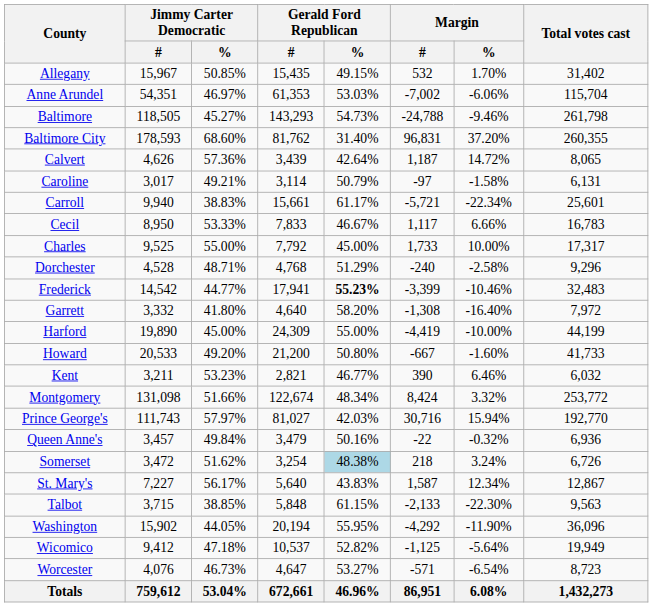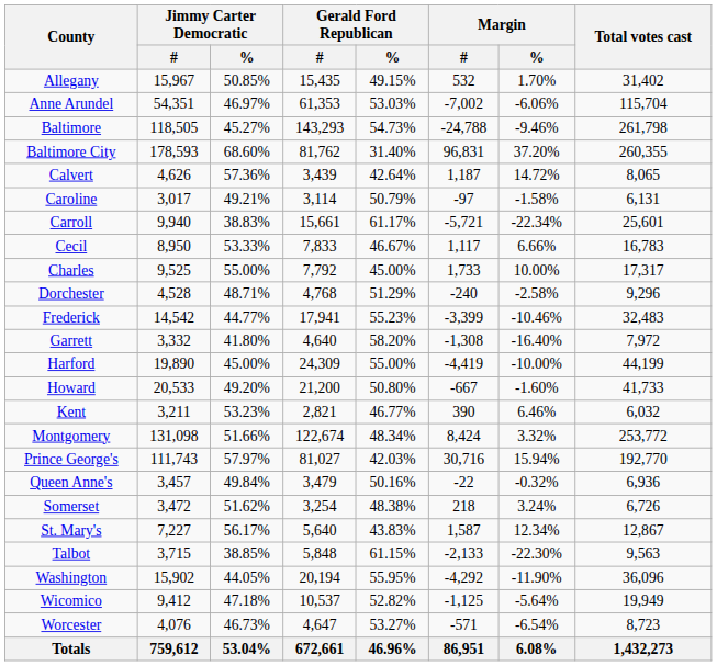 <table width="60%"  class="wikitable sortable" style="text-align:center">
 <tr>
 <th style="text-align:center;" rowspan="2">County</th>
 <th style="text-align:center;" colspan="2">Jimmy Carter<br>Democratic</th>
 <th style="text-align:center;" colspan="2">Gerald Ford<br>Republican</th>
 <th style="text-align:center;" colspan="2">Margin</th>
 <th style="text-align:center;" rowspan="2">Total votes cast</th>
 </tr>
 <tr>
 <th style="text-align:center;" data-sort-type="number">#</th>
 <th style="text-align:center;" data-sort-type="number">%</th>
 <th style="text-align:center;" data-sort-type="number">#</th>
 <th style="text-align:center;" data-sort-type="number">%</th>
 <th style="text-align:center;" data-sort-type="number">#</th>
 <th style="text-align:center;" data-sort-type="number">%</th>
 </tr>
 <tr style="text-align:center;">
 <td><a href='#'>Allegany</a></td>
 <td>15,967</td>
 <td>50.85%</td>
 <td>15,435</td>
 <td>49.15%</td>
 <td>532</td>
 <td>1.70%</td>
 <td>31,402</td>
 </tr>
 <tr style="text-align:center;">
 <td><a href='#'>Anne Arundel</a></td>
 <td>54,351</td>
 <td>46.97%</td>
 <td>61,353</td>
 <td>53.03%</td>
 <td>-7,002</td>
 <td>-6.06%</td>
 <td>115,704</td>
 </tr>
 <tr style="text-align:center;">
 <td><a href='#'>Baltimore</a></td>
 <td>118,505</td>
 <td>45.27%</td>
 <td>143,293</td>
 <td>54.73%</td>
 <td>-24,788</td>
 <td>-9.46%</td>
 <td>261,798</td>
 </tr>
 <tr style="text-align:center;">
 <td><a href='#'>Baltimore City</a></td>
 <td>178,593</td>
 <td>68.60%</td>
 <td>81,762</td>
 <td>31.40%</td>
 <td>96,831</td>
 <td>37.20%</td>
 <td>260,355</td>
 </tr>
 <tr style="text-align:center;">
 <td><a href='#'>Calvert</a></td>
 <td>4,626</td>
 <td>57.36%</td>
 <td>3,439</td>
 <td>42.64%</td>
 <td>1,187</td>
 <td>14.72%</td>
 <td>8,065</td>
 </tr>
 <tr style="text-align:center;">
 <td><a href='#'>Caroline</a></td>
 <td>3,017</td>
 <td>49.21%</td>
 <td>3,114</td>
 <td>50.79%</td>
 <td>-97</td>
 <td>-1.58%</td>
 <td>6,131</td>
 </tr>
 <tr style="text-align:center;">
 <td><a href='#'>Carroll</a></td>
 <td>9,940</td>
 <td>38.83%</td>
 <td>15,661</td>
 <td>61.17%</td>
 <td>-5,721</td>
 <td>-22.34%</td>
 <td>25,601</td>
 </tr>
 <tr style="text-align:center;">
 <td><a href='#'>Cecil</a></td>
 <td>8,950</td>
 <td>53.33%</td>
 <td>7,833</td>
 <td>46.67%</td>
 <td>1,117</td>
 <td>6.66%</td>
 <td>16,783</td>
 </tr>
 <tr style="text-align:center;">
 <td><a href='#'>Charles</a></td>
 <td>9,525</td>
 <td>55.00%</td>
 <td>7,792</td>
 <td>45.00%</td>
 <td>1,733</td>
 <td>10.00%</td>
 <td>17,317</td>
 </tr>
 <tr style="text-align:center;">
 <td><a href='#'>Dorchester</a></td>
 <td>4,528</td>
 <td>48.71%</td>
 <td>4,768</td>
 <td>51.29%</td>
 <td>-240</td>
 <td>-2.58%</td>
 <td>9,296</td>
 </tr>
 <tr style="text-align:center;">
 <td><a href='#'>Frederick</a></td>
 <td>14,542</td>
 <td>44.77%</td>
 <td>17,941</td>
-<td><strong>55.23%</strong></td>
+<td>55.23%</td>
 <td>-3,399</td>
 <td>-10.46%</td>
 <td>32,483</td>
 </tr>
 <tr style="text-align:center;">
 <td><a href='#'>Garrett</a></td>
 <td>3,332</td>
 <td>41.80%</td>
 <td>4,640</td>
 <td>58.20%</td>
 <td>-1,308</td>
 <td>-16.40%</td>
 <td>7,972</td>
 </tr>
 <tr style="text-align:center;">
 <td><a href='#'>Harford</a></td>
 <td>19,890</td>
 <td>45.00%</td>
 <td>24,309</td>
 <td>55.00%</td>
 <td>-4,419</td>
 <td>-10.00%</td>
 <td>44,199</td>
 </tr>
 <tr style="text-align:center;">
 <td><a href='#'>Howard</a></td>
 <td>20,533</td>
 <td>49.20%</td>
 <td>21,200</td>
 <td>50.80%</td>
 <td>-667</td>
 <td>-1.60%</td>
 <td>41,733</td>
 </tr>
 <tr style="text-align:center;">
 <td><a href='#'>Kent</a></td>
 <td>3,211</td>
 <td>53.23%</td>
 <td>2,821</td>
 <td>46.77%</td>
 <td>390</td>
 <td>6.46%</td>
 <td>6,032</td>
 </tr>
 <tr style="text-align:center;">
 <td><a href='#'>Montgomery</a></td>
 <td>131,098</td>
 <td>51.66%</td>
 <td>122,674</td>
 <td>48.34%</td>
 <td>8,424</td>
 <td>3.32%</td>
 <td>253,772</td>
 </tr>
 <tr style="text-align:center;">
 <td><a href='#'>Prince George's</a></td>
 <td>111,743</td>
 <td>57.97%</td>
 <td>81,027</td>
 <td>42.03%</td>
 <td>30,716</td>
 <td>15.94%</td>
 <td>192,770</td>
 </tr>
 <tr style="text-align:center;">
 <td><a href='#'>Queen Anne's</a></td>
 <td>3,457</td>
 <td>49.84%</td>
 <td>3,479</td>
 <td>50.16%</td>
 <td>-22</td>
 <td>-0.32%</td>
 <td>6,936</td>
 </tr>
 <tr style="text-align:center;">
 <td><a href='#'>Somerset</a></td>
 <td>3,472</td>
 <td>51.62%</td>
 <td>3,254</td>
-<td style="background: lightblue;">48.38%</td>
+<td>48.38%</td>
 <td>218</td>
 <td>3.24%</td>
 <td>6,726</td>
 </tr>
 <tr style="text-align:center;">
 <td><a href='#'>St. Mary's</a></td>
 <td>7,227</td>
 <td>56.17%</td>
 <td>5,640</td>
 <td>43.83%</td>
 <td>1,587</td>
 <td>12.34%</td>
 <td>12,867</td>
 </tr>
 <tr style="text-align:center;">
 <td><a href='#'>Talbot</a></td>
 <td>3,715</td>
 <td>38.85%</td>
 <td>5,848</td>
 <td>61.15%</td>
 <td>-2,133</td>
 <td>-22.30%</td>
 <td>9,563</td>
 </tr>
 <tr style="text-align:center;">
 <td><a href='#'>Washington</a></td>
 <td>15,902</td>
 <td>44.05%</td>
 <td>20,194</td>
 <td>55.95%</td>
 <td>-4,292</td>
 <td>-11.90%</td>
 <td>36,096</td>
 </tr>
 <tr style="text-align:center;">
 <td><a href='#'>Wicomico</a></td>
 <td>9,412</td>
 <td>47.18%</td>
 <td>10,537</td>
 <td>52.82%</td>
 <td>-1,125</td>
 <td>-5.64%</td>
 <td>19,949</td>
 </tr>
 <tr style="text-align:center;">
 <td><a href='#'>Worcester</a></td>
 <td>4,076</td>
 <td>46.73%</td>
 <td>4,647</td>
 <td>53.27%</td>
 <td>-571</td>
 <td>-6.54%</td>
 <td>8,723</td>
 </tr>
 <tr style="text-align:center;">
 <th>Totals</th>
 <th>759,612</th>
 <th>53.04%</th>
 <th>672,661</th>
 <th>46.96%</th>
 <th>86,951</th>
 <th>6.08%</th>
 <th>1,432,273</th>
 </tr>
 </table>
